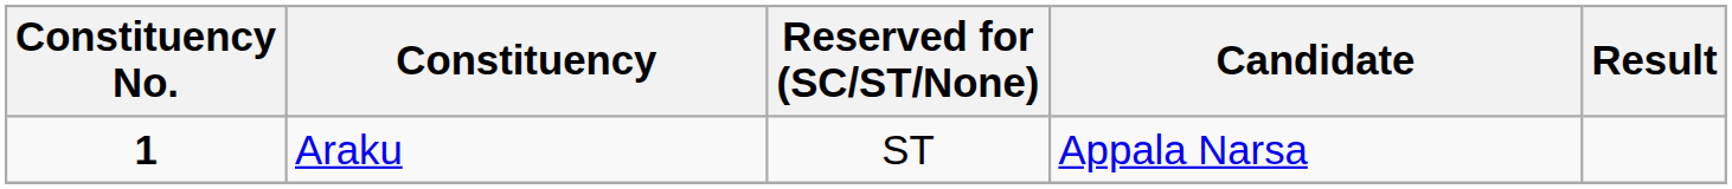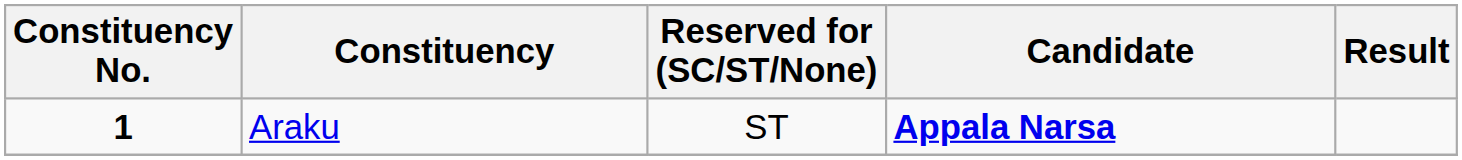 <table class= "wikitable sortable">
 <tr>
 <th align="center">Constituency<br>No.</th>
 <th style="width:180px;">Constituency</th>
 <th align="center">Reserved for<br>(SC/ST/None)</th>
 <th style="width:200px;">Candidate</th>
 <th align="center">Result</th>
 </tr>
 <tr>
 <td style="text-align:center;"><strong>1</strong></td>
 <td><a href='#'>Araku</a></td>
 <td style="text-align:center;">ST</td>
-<td><a href='#'>Appala Narsa</a></td>
+<td><strong><a href='#'>Appala Narsa</a></strong></td>
 <td></td>
 </tr>
 <tr>
 </tr>
 </table>
